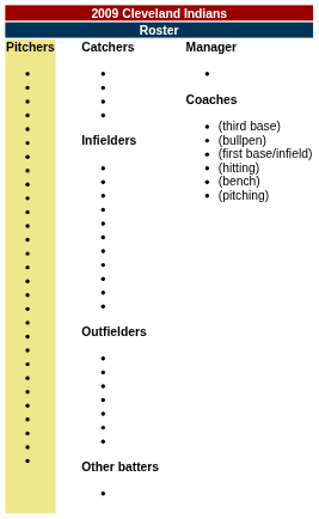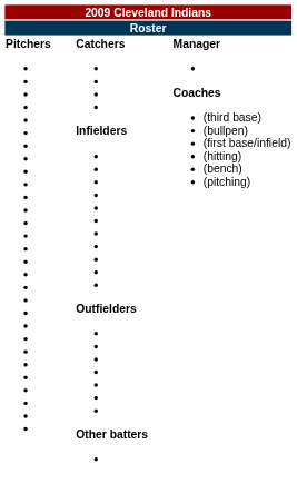 <table class="toccolours" style="font-size: 95%;">
 <tr>
 <th colspan="10" style="background-color: #990000; color: white; text-align: center;">2009 Cleveland Indians</th>
 </tr>
 <tr>
 <td colspan="10" style="background-color: #023456; color: #FFFFFF; text-align: center;"><strong>Roster</strong></td>
 </tr>
 <tr>
-<td valign="top" style="background: khaki;"><strong>Pitchers</strong><br><ul><li></li><li></li><li></li><li></li><li></li><li></li><li></li><li></li><li></li><li></li><li></li><li></li><li></li><li></li><li></li><li></li><li></li><li></li><li></li><li></li><li></li><li></li><li></li><li></li><li></li><li></li><li></li><li></li><li></li></ul></td>
+<td valign="top"><strong>Pitchers</strong><br><ul><li></li><li></li><li></li><li></li><li></li><li></li><li></li><li></li><li></li><li></li><li></li><li></li><li></li><li></li><li></li><li></li><li></li><li></li><li></li><li></li><li></li><li></li><li></li><li></li><li></li><li></li><li></li><li></li><li></li></ul></td>
 <td width="25px"></td>
 <td valign="top"><strong>Catchers</strong><br><ul><li></li><li></li><li></li><li></li></ul><strong>Infielders</strong><ul><li></li><li></li><li></li><li></li><li></li><li></li><li></li><li></li><li></li><li></li><li></li></ul><strong>Outfielders</strong><ul><li></li><li></li><li></li><li></li><li></li><li></li><li></li></ul><strong>Other batters</strong><ul><li></li></ul></td>
 <td width="25px"></td>
 <td valign="top"><strong>Manager</strong><br><ul><li></li></ul><strong>Coaches</strong><ul><li> (third base)</li><li> (bullpen)</li><li> (first base/infield)</li><li> (hitting)</li><li> (bench)</li><li> (pitching)</li></ul></td>
 </tr>
 </table>
